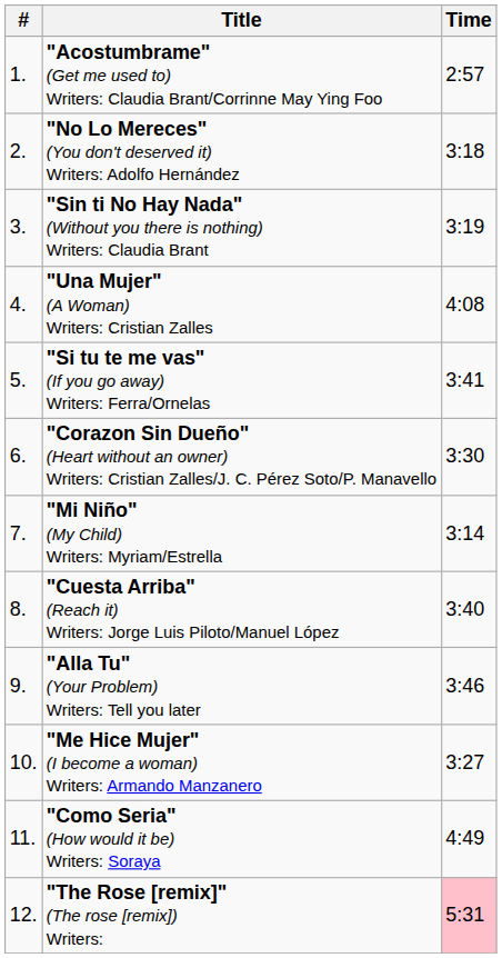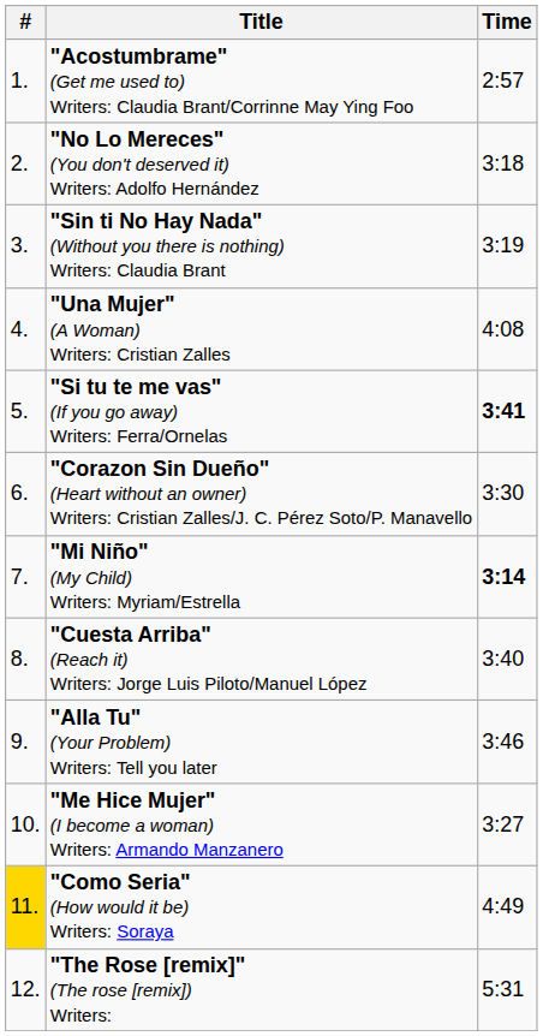 <table class="wikitable sortable">
 <tr>
 <th>#</th>
 <th>Title</th>
 <th>Time</th>
 </tr>
 <tr>
 <td>1.</td>
 <td><strong>"Acostumbrame"</strong> <br><small><em>(Get me used to)</em> <br>Writers: Claudia Brant/Corrinne May Ying Foo</small></td>
 <td>2:57</td>
 </tr>
 <tr>
 <td>2.</td>
 <td><strong>"No Lo Mereces"</strong><br><small><em>(You don't deserved it)</em> <br>Writers: Adolfo Hernández</small></td>
 <td>3:18</td>
 </tr>
 <tr>
 <td>3.</td>
 <td><strong>"Sin ti No Hay Nada"</strong><br><small><em>(Without you there is nothing)</em> <br>Writers: Claudia Brant</small></td>
 <td>3:19</td>
 </tr>
 <tr>
 <td>4.</td>
 <td><strong>"Una Mujer"</strong><br><small><em>(A Woman)</em> <br>Writers: Cristian Zalles</small></td>
 <td>4:08</td>
 </tr>
 <tr>
 <td>5.</td>
 <td><strong>"Si tu te me vas"</strong><br><small><em>(If you go away)</em> <br>Writers: Ferra/Ornelas</small></td>
-<td>3:41</td>
+<td><strong>3:41</strong></td>
 </tr>
 <tr>
 <td>6.</td>
 <td><strong>"Corazon Sin Dueño"</strong><br><small><em>(Heart without an owner)</em> <br>Writers: Cristian Zalles/J. C. Pérez Soto/P. Manavello</small></td>
 <td>3:30</td>
 </tr>
 <tr>
 <td>7.</td>
 <td><strong>"Mi Niño"</strong><br><small><em>(My Child)</em> <br>Writers: Myriam/Estrella</small></td>
-<td>3:14</td>
+<td><strong>3:14</strong></td>
 </tr>
 <tr>
 <td>8.</td>
 <td><strong>"Cuesta Arriba"</strong><br><small><em>(Reach it)</em> <br>Writers: Jorge Luis Piloto/Manuel López</small></td>
 <td>3:40</td>
 </tr>
 <tr>
 <td>9.</td>
 <td><strong>"Alla Tu"</strong><br><small><em>(Your Problem)</em> <br>Writers: Tell you later</small></td>
 <td>3:46</td>
 </tr>
 <tr>
 <td>10.</td>
 <td><strong>"Me Hice Mujer"</strong> <br><small> <em>(I become a woman)</em> <br>Writers: <a href='#'>Armando Manzanero</a></small></td>
 <td>3:27</td>
 </tr>
 <tr>
-<td>11.</td>
+<td style="background: gold;">11.</td>
 <td><strong>"Como Seria"</strong> <br><small> <em>(How would it be)</em> <br>Writers: <a href='#'>Soraya</a></small></td>
 <td>4:49</td>
 </tr>
 <tr>
 <td>12.</td>
 <td><strong>"The Rose [remix]"</strong> <br><small> <em>(The rose [remix])</em> <br>Writers:</small></td>
-<td style="background: pink;">5:31</td>
+<td>5:31</td>
 </tr>
 <tr>
 </tr>
 </table>
